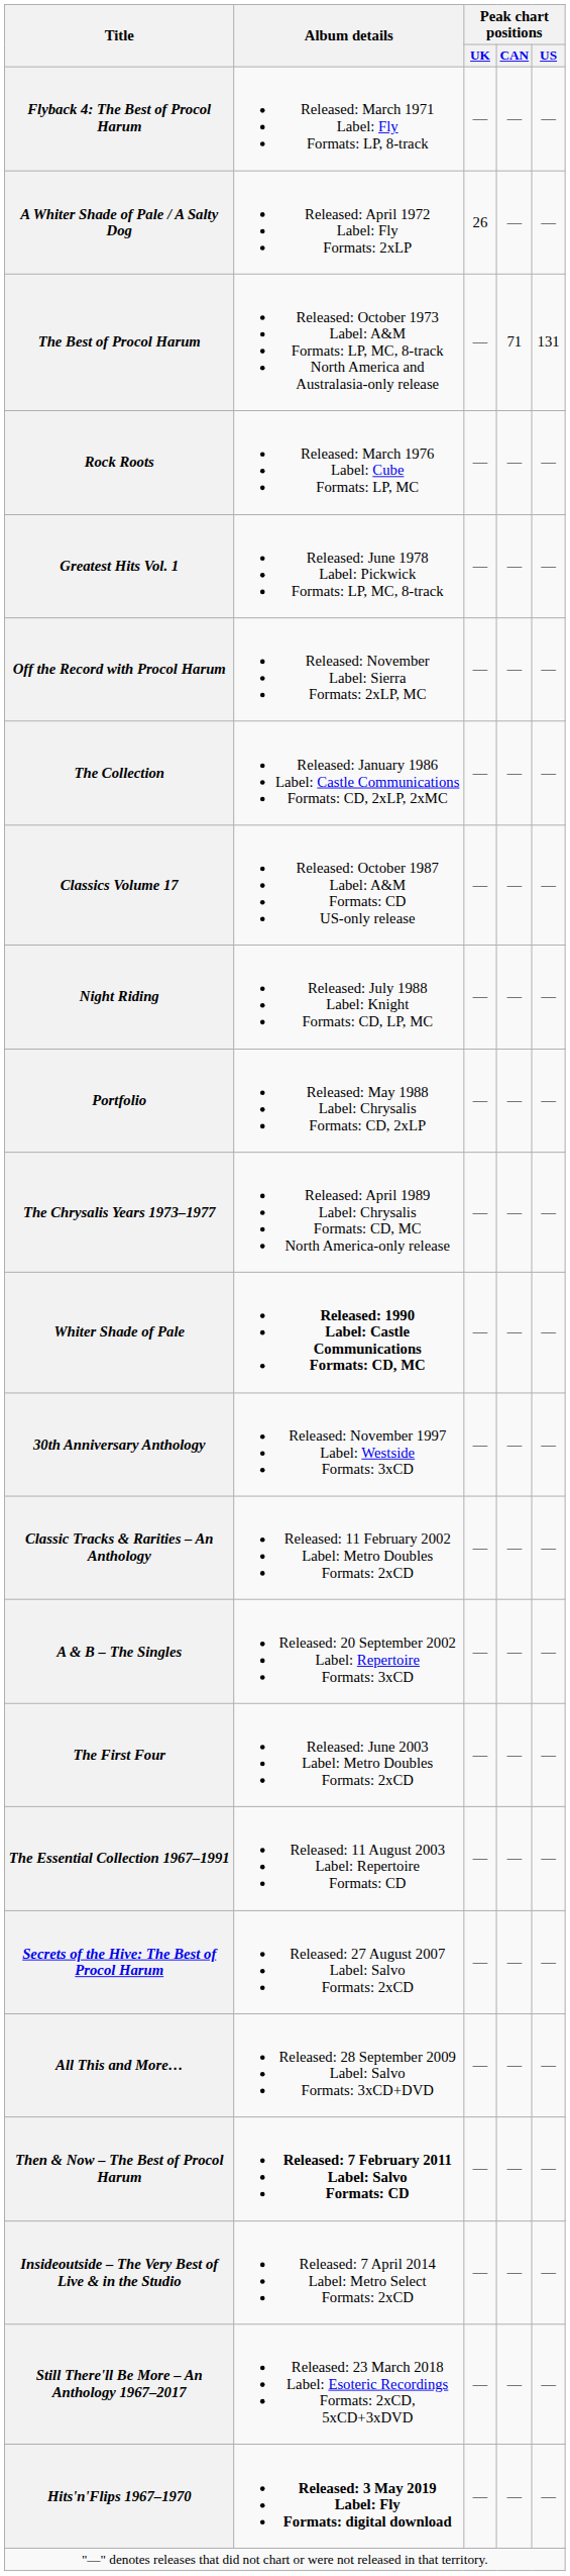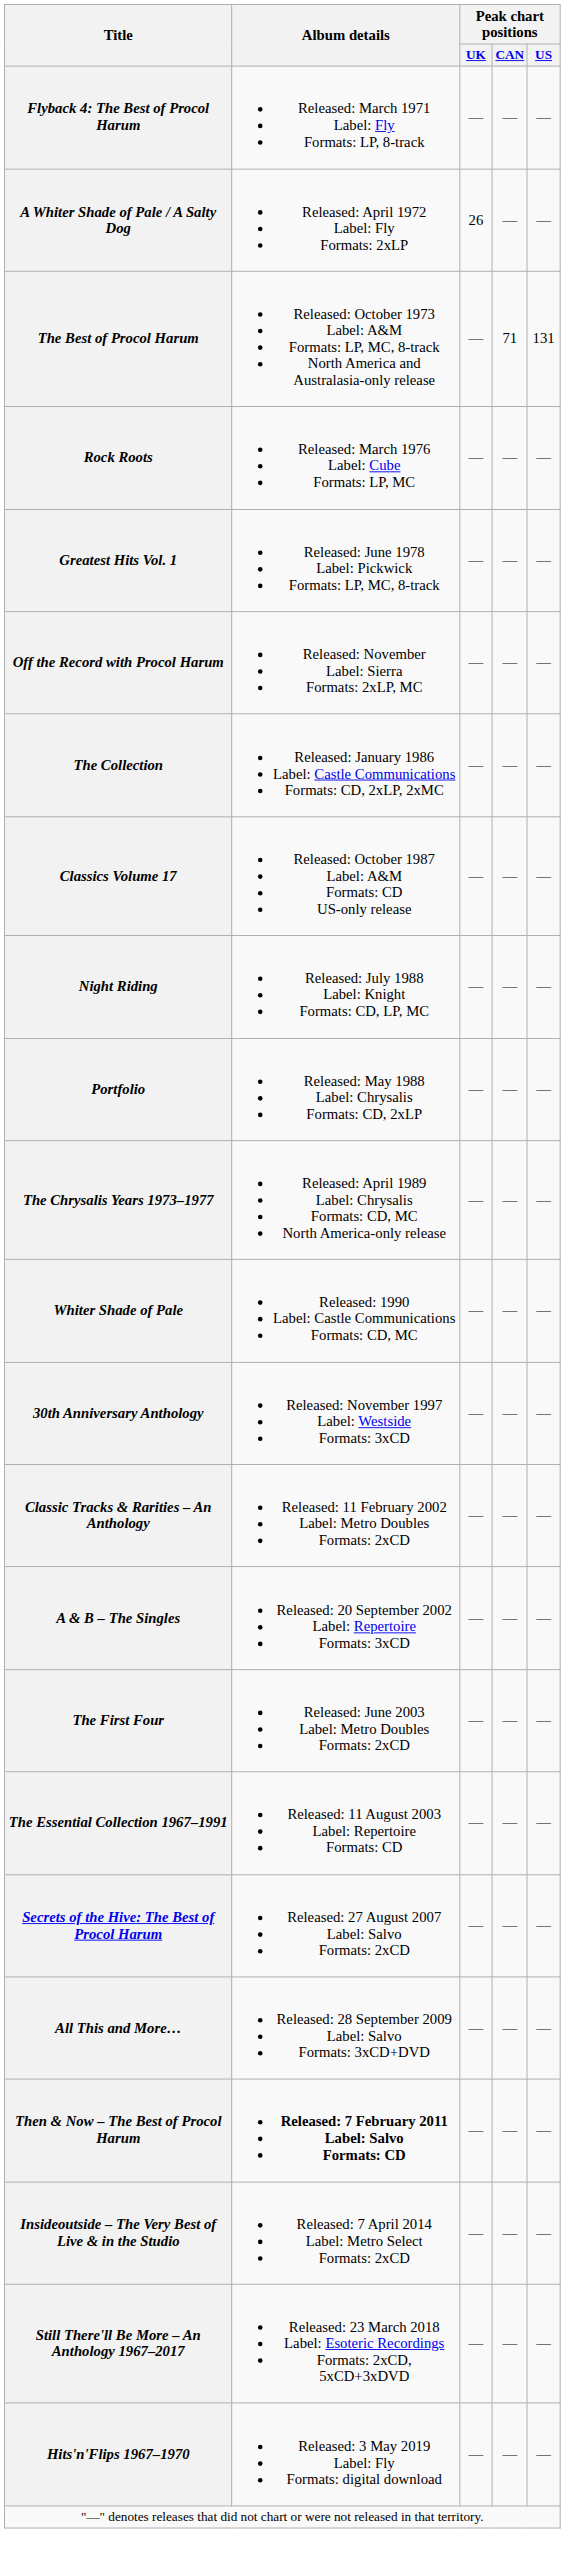 <table class="wikitable plainrowheaders" style="text-align:center;">
 <tr>
 <th rowspan="2" scope="col" style="width:15em;">Title</th>
 <th rowspan="2" scope="col" style="width:15em;">Album details</th>
 <th colspan="3">Peak chart positions</th>
 </tr>
 <tr>
 <th scope="col" style="width:2em;font-size:90%;"><a href='#'>UK</a><br></th>
 <th scope="col" style="width:2em;font-size:90%;"><a href='#'>CAN</a><br></th>
 <th scope="col" style="width:2em;font-size:90%;"><a href='#'>US</a><br></th>
 </tr>
 <tr>
 <th scope="row"><em>Flyback 4: The Best of Procol Harum</em></th>
 <td><br><ul><li>Released: March 1971</li><li>Label: <a href='#'>Fly</a></li><li>Formats: LP, 8-track</li></ul></td>
 <td>—</td>
 <td>—</td>
 <td>—</td>
 </tr>
 <tr>
 <th scope="row"><em>A Whiter Shade of Pale / A Salty Dog</em></th>
 <td><br><ul><li>Released: April 1972</li><li>Label: Fly</li><li>Formats: 2xLP</li></ul></td>
 <td>26</td>
 <td>—</td>
 <td>—</td>
 </tr>
 <tr>
 <th scope="row"><em>The Best of Procol Harum</em></th>
 <td><br><ul><li>Released: October 1973</li><li>Label: A&M</li><li>Formats: LP, MC, 8-track</li><li>North America and Australasia-only release</li></ul></td>
 <td>—</td>
 <td>71</td>
 <td>131</td>
 </tr>
 <tr>
 <th scope="row"><em>Rock Roots</em></th>
 <td><br><ul><li>Released: March 1976</li><li>Label: <a href='#'>Cube</a></li><li>Formats: LP, MC</li></ul></td>
 <td>—</td>
 <td>—</td>
 <td>—</td>
 </tr>
 <tr>
 <th scope="row"><em>Greatest Hits Vol. 1</em></th>
 <td><br><ul><li>Released: June 1978</li><li>Label: Pickwick</li><li>Formats: LP, MC, 8-track</li></ul></td>
 <td>—</td>
 <td>—</td>
 <td>—</td>
 </tr>
 <tr>
 <th scope="row"><em>Off the Record with Procol Harum</em></th>
 <td><br><ul><li>Released: November</li><li>Label: Sierra</li><li>Formats: 2xLP, MC</li></ul></td>
 <td>—</td>
 <td>—</td>
 <td>—</td>
 </tr>
 <tr>
 <th scope="row"><em>The Collection</em></th>
 <td><br><ul><li>Released: January 1986</li><li>Label: <a href='#'>Castle Communications</a></li><li>Formats: CD, 2xLP, 2xMC</li></ul></td>
 <td>—</td>
 <td>—</td>
 <td>—</td>
 </tr>
 <tr>
 <th scope="row"><em>Classics Volume 17</em></th>
 <td><br><ul><li>Released: October 1987</li><li>Label: A&M</li><li>Formats: CD</li><li>US-only release</li></ul></td>
 <td>—</td>
 <td>—</td>
 <td>—</td>
 </tr>
 <tr>
 <th scope="row"><em>Night Riding</em></th>
 <td><br><ul><li>Released: July 1988</li><li>Label: Knight</li><li>Formats: CD, LP, MC</li></ul></td>
 <td>—</td>
 <td>—</td>
 <td>—</td>
 </tr>
 <tr>
 <th scope="row"><em>Portfolio</em></th>
 <td><br><ul><li>Released: May 1988</li><li>Label: Chrysalis</li><li>Formats: CD, 2xLP</li></ul></td>
 <td>—</td>
 <td>—</td>
 <td>—</td>
 </tr>
 <tr>
 <th scope="row"><em>The Chrysalis Years 1973–1977</em></th>
 <td><br><ul><li>Released: April 1989</li><li>Label: Chrysalis</li><li>Formats: CD, MC</li><li>North America-only release</li></ul></td>
 <td>—</td>
 <td>—</td>
 <td>—</td>
 </tr>
 <tr>
 <th scope="row"><em>Whiter Shade of Pale</em></th>
-<td><strong><br><ul><li>Released: 1990</li><li>Label: Castle Communications</li><li>Formats: CD, MC</li></ul></strong></td>
+<td><br><ul><li>Released: 1990</li><li>Label: Castle Communications</li><li>Formats: CD, MC</li></ul></td>
 <td>—</td>
 <td>—</td>
 <td>—</td>
 </tr>
 <tr>
 <th scope="row"><em>30th Anniversary Anthology</em></th>
 <td><br><ul><li>Released: November 1997</li><li>Label: <a href='#'>Westside</a></li><li>Formats: 3xCD</li></ul></td>
 <td>—</td>
 <td>—</td>
 <td>—</td>
 </tr>
 <tr>
 <th scope="row"><em>Classic Tracks & Rarities – An Anthology</em></th>
 <td><br><ul><li>Released: 11 February 2002</li><li>Label: Metro Doubles</li><li>Formats: 2xCD</li></ul></td>
 <td>—</td>
 <td>—</td>
 <td>—</td>
 </tr>
 <tr>
 <th scope="row"><em>A & B – The Singles</em></th>
 <td><br><ul><li>Released: 20 September 2002</li><li>Label: <a href='#'>Repertoire</a></li><li>Formats: 3xCD</li></ul></td>
 <td>—</td>
 <td>—</td>
 <td>—</td>
 </tr>
 <tr>
 <th scope="row"><em>The First Four</em></th>
 <td><br><ul><li>Released: June 2003</li><li>Label: Metro Doubles</li><li>Formats: 2xCD</li></ul></td>
 <td>—</td>
 <td>—</td>
 <td>—</td>
 </tr>
 <tr>
 <th scope="row"><em>The Essential Collection 1967–1991</em></th>
 <td><br><ul><li>Released: 11 August 2003</li><li>Label: Repertoire</li><li>Formats: CD</li></ul></td>
 <td>—</td>
 <td>—</td>
 <td>—</td>
 </tr>
 <tr>
 <th scope="row"><em><a href='#'>Secrets of the Hive: The Best of Procol Harum</a></em></th>
 <td><br><ul><li>Released: 27 August 2007</li><li>Label: Salvo</li><li>Formats: 2xCD</li></ul></td>
 <td>—</td>
 <td>—</td>
 <td>—</td>
 </tr>
 <tr>
 <th scope="row"><em>All This and More…</em></th>
 <td><br><ul><li>Released: 28 September 2009</li><li>Label: Salvo</li><li>Formats: 3xCD+DVD</li></ul></td>
 <td>—</td>
 <td>—</td>
 <td>—</td>
 </tr>
 <tr>
 <th scope="row"><em>Then & Now – The Best of Procol Harum</em></th>
 <td><strong><br><ul><li>Released: 7 February 2011</li><li>Label: Salvo</li><li>Formats: CD</li></ul></strong></td>
 <td>—</td>
 <td>—</td>
 <td>—</td>
 </tr>
 <tr>
 <th scope="row"><em>Insideoutside – The Very Best of Live & in the Studio</em></th>
 <td><br><ul><li>Released: 7 April 2014</li><li>Label: Metro Select</li><li>Formats: 2xCD</li></ul></td>
 <td>—</td>
 <td>—</td>
 <td>—</td>
 </tr>
 <tr>
 <th scope="row"><em>Still There'll Be More – An Anthology 1967–2017</em></th>
 <td><br><ul><li>Released: 23 March 2018</li><li>Label: <a href='#'>Esoteric Recordings</a></li><li>Formats: 2xCD, 5xCD+3xDVD</li></ul></td>
 <td>—</td>
 <td>—</td>
 <td>—</td>
 </tr>
 <tr>
 <th scope="row"><em>Hits'n'Flips 1967–1970</em></th>
-<td><strong><br><ul><li>Released: 3 May 2019</li><li>Label: Fly</li><li>Formats: digital download</li></ul></strong></td>
+<td><br><ul><li>Released: 3 May 2019</li><li>Label: Fly</li><li>Formats: digital download</li></ul></td>
 <td>—</td>
 <td>—</td>
 <td>—</td>
 </tr>
 <tr>
 <td colspan="5" style="font-size:90%">"—" denotes releases that did not chart or were not released in that territory.</td>
 </tr>
 </table>
